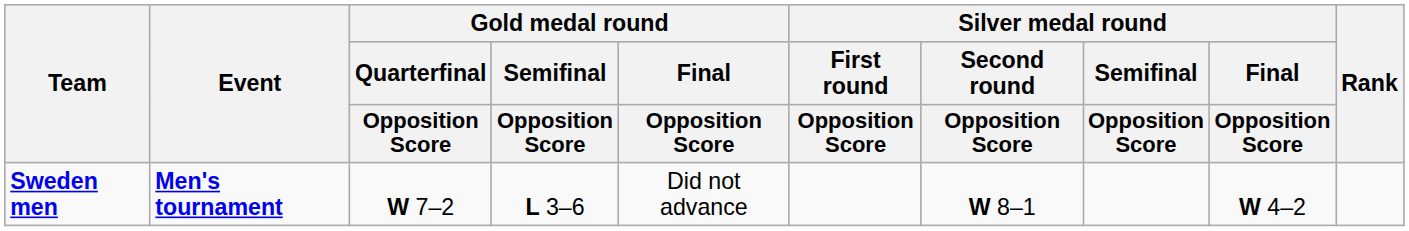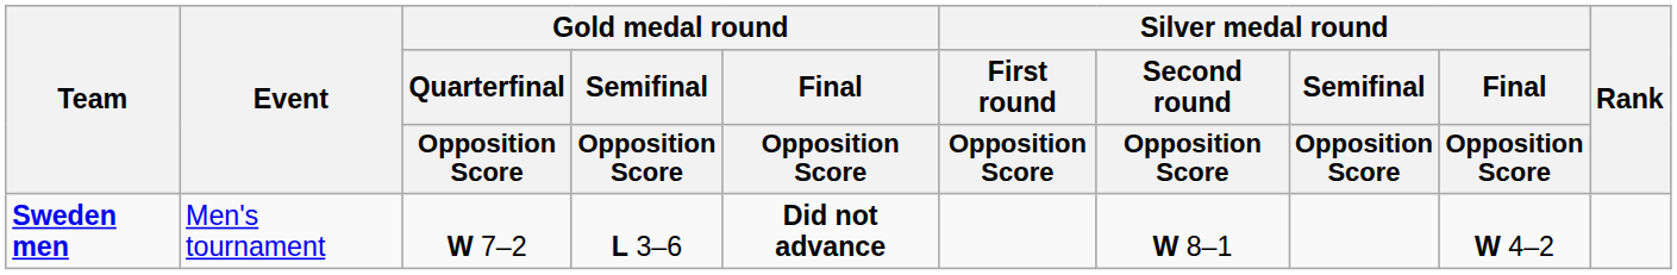 <table class=wikitable style=font-size:90%;text-align:center>
 <tr>
 <th rowspan=3>Team</th>
 <th rowspan=3>Event</th>
 <th colspan=3>Gold medal round</th>
 <th colspan=4>Silver medal round</th>
 <th Rowspan=3>Rank</th>
 </tr>
 <tr>
 <th>Quarterfinal</th>
 <th>Semifinal</th>
 <th>Final</th>
 <th>First round</th>
 <th>Second round</th>
 <th>Semifinal</th>
 <th>Final</th>
 </tr>
 <tr style="font-size:95%">
 <th>Opposition<br>Score</th>
 <th>Opposition<br>Score</th>
 <th>Opposition<br>Score</th>
 <th>Opposition<br>Score</th>
 <th>Opposition<br>Score</th>
 <th>Opposition<br>Score</th>
 <th>Opposition<br>Score</th>
 </tr>
 <tr>
 <td align=left><strong><a href='#'>Sweden men</a></strong></td>
-<td align=left><strong><a href='#'>Men's tournament</a></strong></td>
+<td align=left><a href='#'>Men's tournament</a></td>
 <td><br><strong>W</strong> 7–2</td>
 <td><br><strong>L</strong> 3–6</td>
-<td>Did not advance</td>
+<td><strong>Did not advance</strong></td>
 <td></td>
 <td><br><strong>W</strong> 8–1</td>
 <td></td>
 <td><br><strong>W</strong> 4–2</td>
 <td></td>
 </tr>
 </table>
